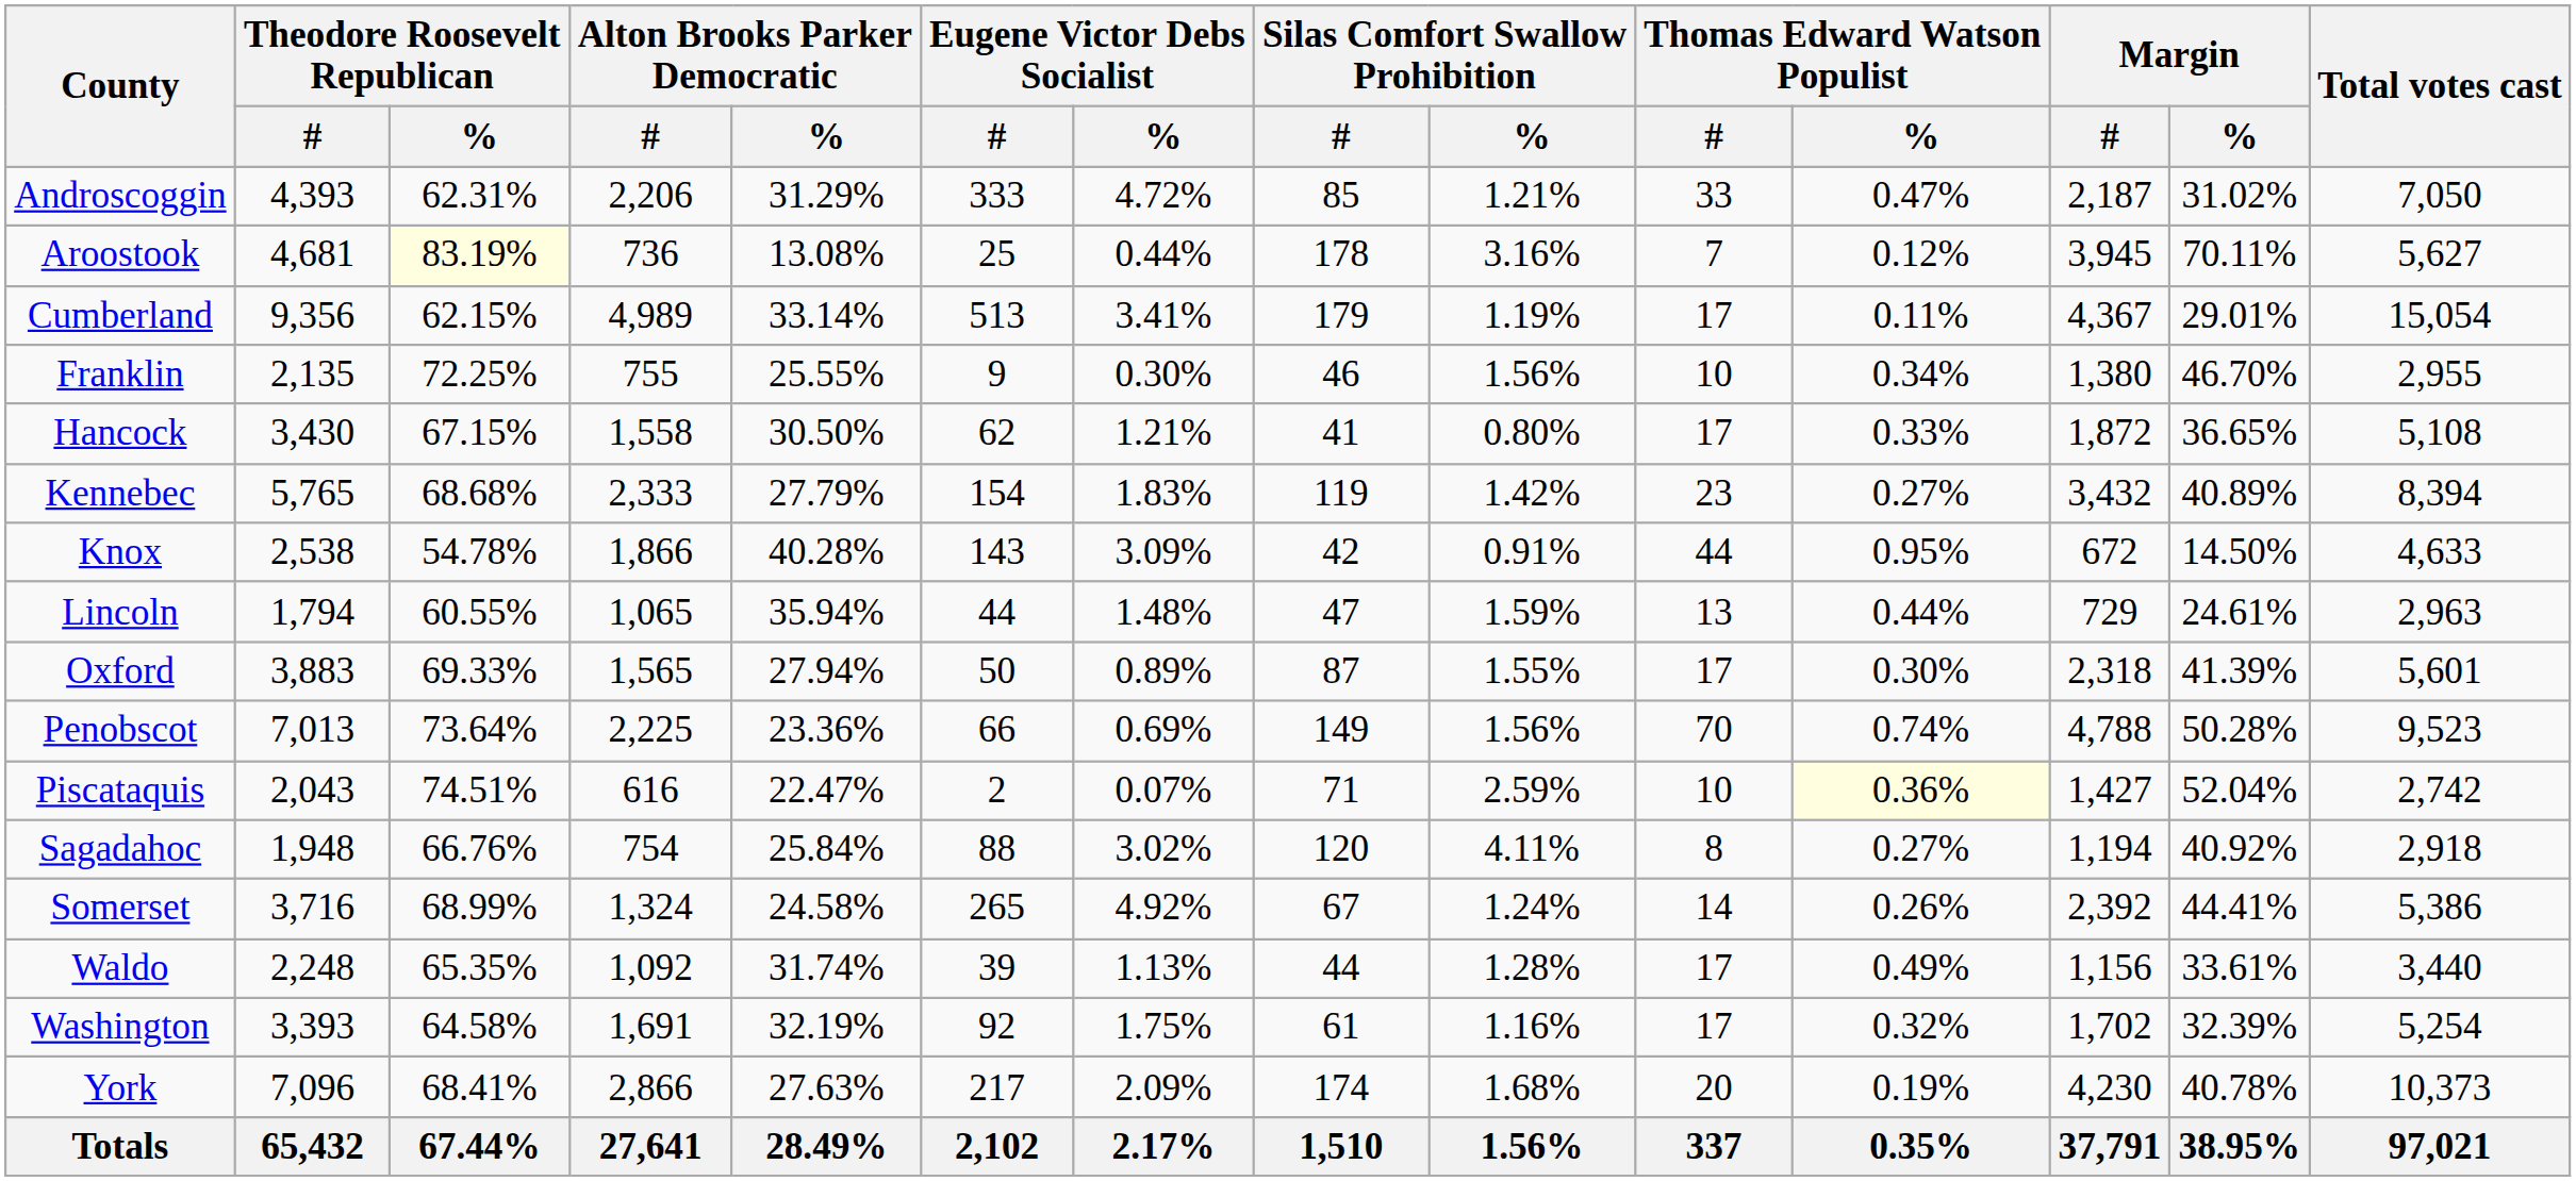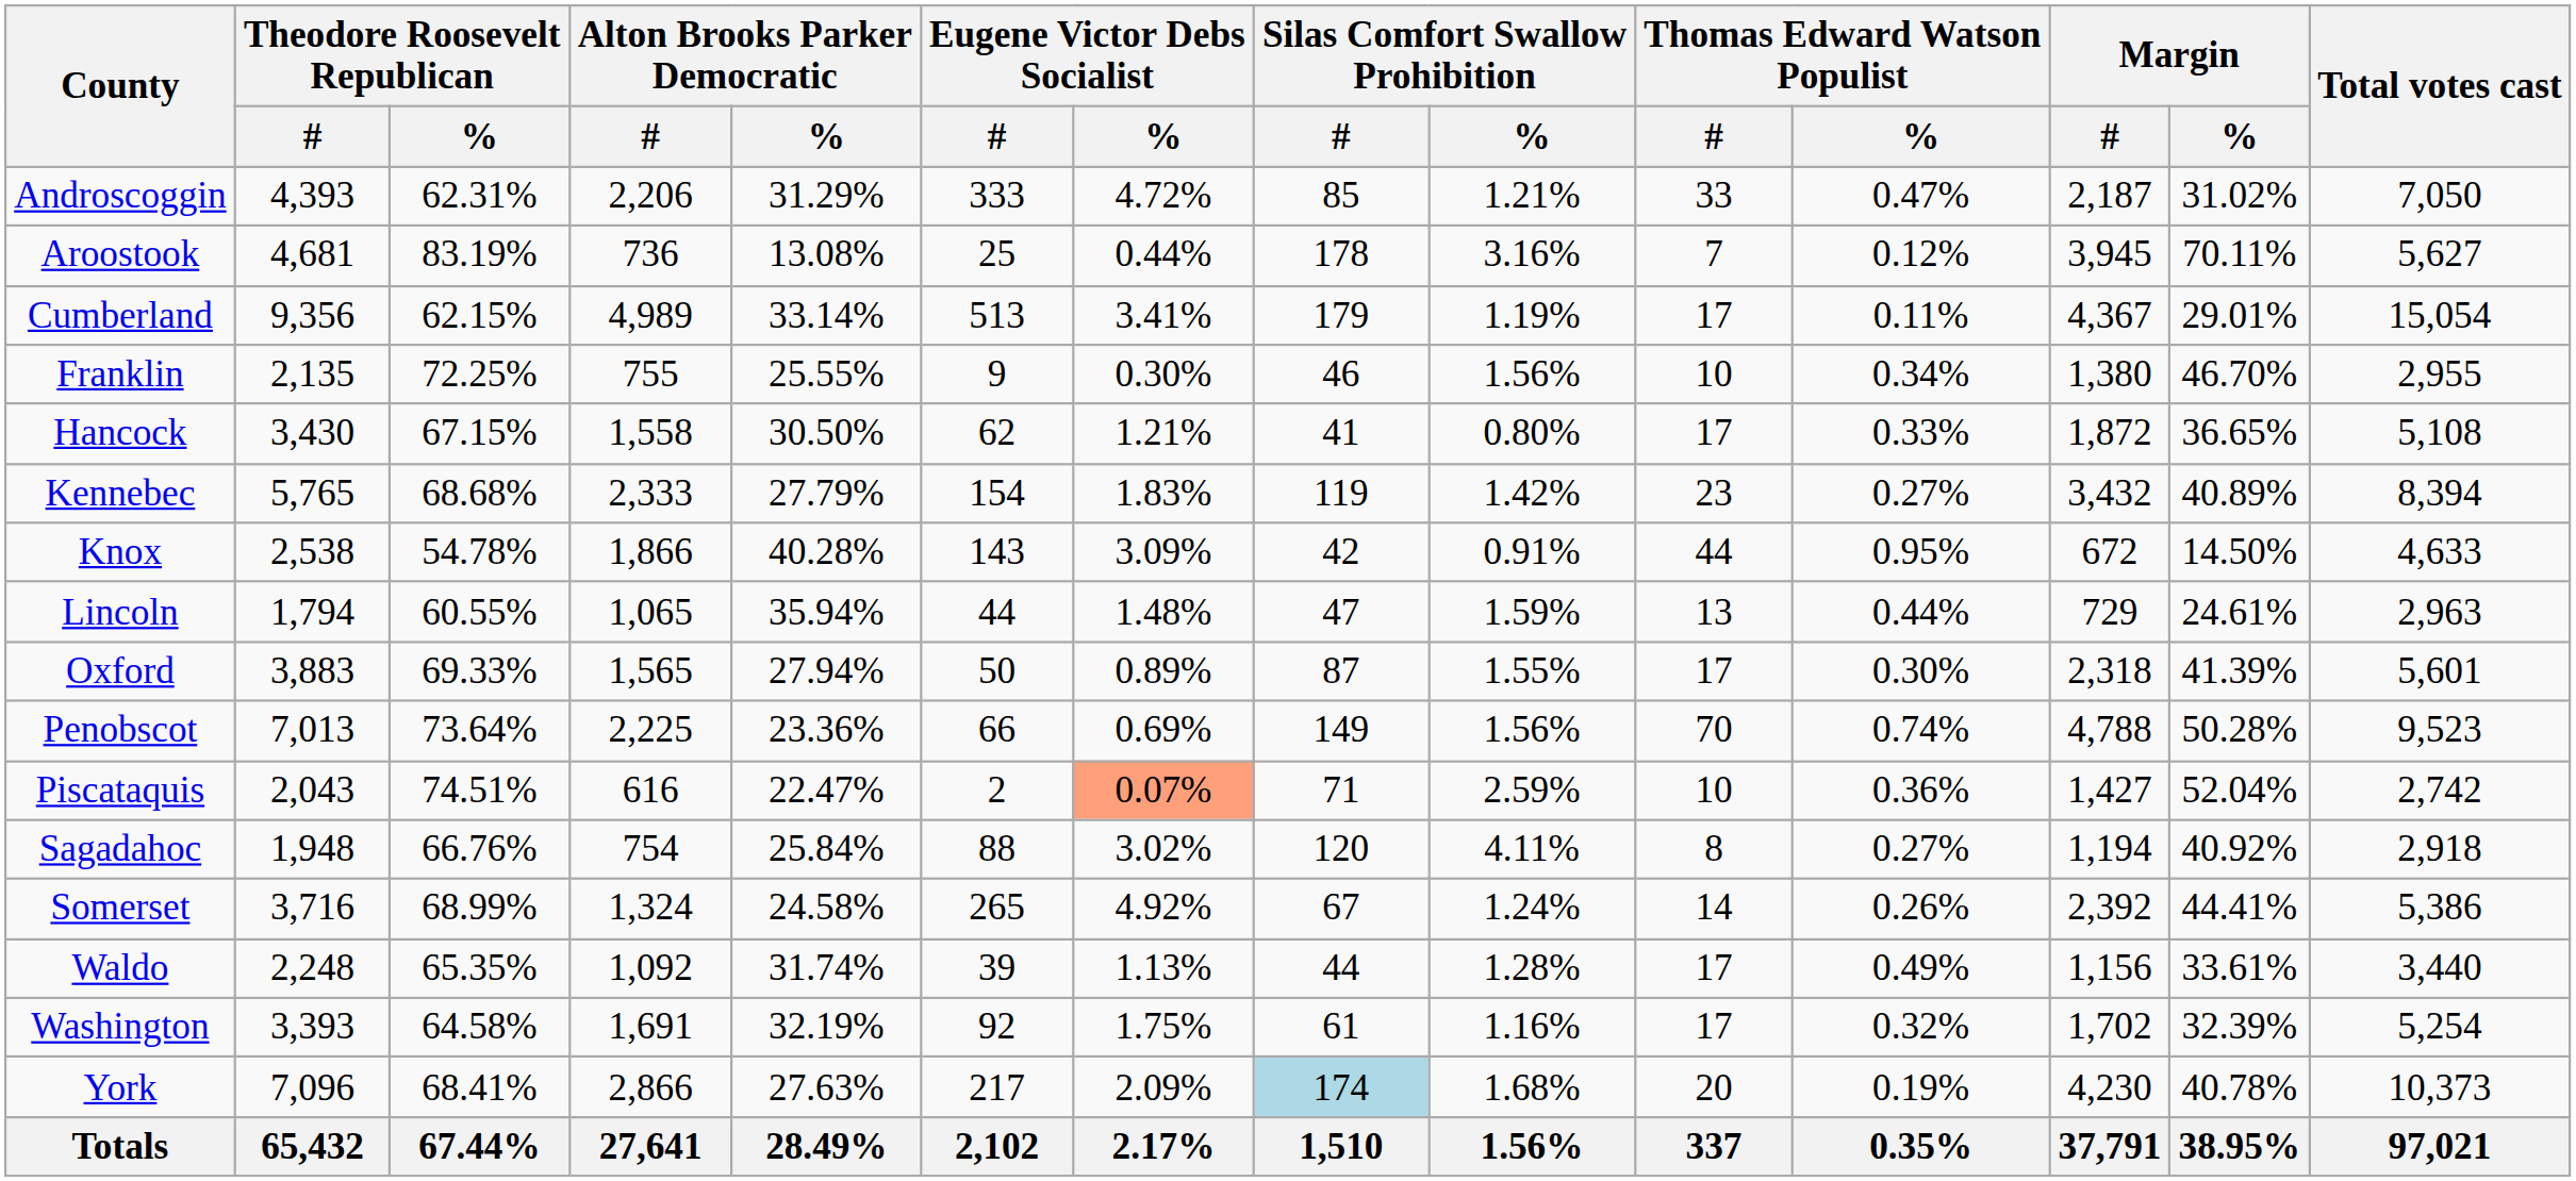 <table class="wikitable sortable">
 <tr>
 <th rowspan="2">County</th>
 <th colspan="2">Theodore Roosevelt<br>Republican</th>
 <th colspan="2">Alton Brooks Parker<br>Democratic</th>
 <th colspan="2">Eugene Victor Debs<br>Socialist</th>
 <th colspan="2">Silas Comfort Swallow<br>Prohibition</th>
 <th colspan="2">Thomas Edward Watson<br>Populist</th>
 <th colspan="2">Margin</th>
 <th rowspan="2">Total votes cast</th>
 </tr>
 <tr bgcolor="lightgrey">
 <th data-sort-type="number">#</th>
 <th data-sort-type="number">%</th>
 <th data-sort-type="number">#</th>
 <th data-sort-type="number">%</th>
 <th data-sort-type="number">#</th>
 <th data-sort-type="number">%</th>
 <th data-sort-type="number">#</th>
 <th data-sort-type="number">%</th>
 <th data-sort-type="number">#</th>
 <th data-sort-type="number">%</th>
 <th data-sort-type="number">#</th>
 <th data-sort-type="number">%</th>
 </tr>
 <tr style="text-align:center;">
 <td><a href='#'>Androscoggin</a></td>
 <td>4,393</td>
 <td>62.31%</td>
 <td>2,206</td>
 <td>31.29%</td>
 <td>333</td>
 <td>4.72%</td>
 <td>85</td>
 <td>1.21%</td>
 <td>33</td>
 <td>0.47%</td>
 <td>2,187</td>
 <td>31.02%</td>
 <td>7,050</td>
 </tr>
 <tr style="text-align:center;">
 <td><a href='#'>Aroostook</a></td>
 <td>4,681</td>
-<td style="background: lightyellow;">83.19%</td>
+<td>83.19%</td>
 <td>736</td>
 <td>13.08%</td>
 <td>25</td>
 <td>0.44%</td>
 <td>178</td>
 <td>3.16%</td>
 <td>7</td>
 <td>0.12%</td>
 <td>3,945</td>
 <td>70.11%</td>
 <td>5,627</td>
 </tr>
 <tr style="text-align:center;">
 <td><a href='#'>Cumberland</a></td>
 <td>9,356</td>
 <td>62.15%</td>
 <td>4,989</td>
 <td>33.14%</td>
 <td>513</td>
 <td>3.41%</td>
 <td>179</td>
 <td>1.19%</td>
 <td>17</td>
 <td>0.11%</td>
 <td>4,367</td>
 <td>29.01%</td>
 <td>15,054</td>
 </tr>
 <tr style="text-align:center;">
 <td><a href='#'>Franklin</a></td>
 <td>2,135</td>
 <td>72.25%</td>
 <td>755</td>
 <td>25.55%</td>
 <td>9</td>
 <td>0.30%</td>
 <td>46</td>
 <td>1.56%</td>
 <td>10</td>
 <td>0.34%</td>
 <td>1,380</td>
 <td>46.70%</td>
 <td>2,955</td>
 </tr>
 <tr style="text-align:center;">
 <td><a href='#'>Hancock</a></td>
 <td>3,430</td>
 <td>67.15%</td>
 <td>1,558</td>
 <td>30.50%</td>
 <td>62</td>
 <td>1.21%</td>
 <td>41</td>
 <td>0.80%</td>
 <td>17</td>
 <td>0.33%</td>
 <td>1,872</td>
 <td>36.65%</td>
 <td>5,108</td>
 </tr>
 <tr style="text-align:center;">
 <td><a href='#'>Kennebec</a></td>
 <td>5,765</td>
 <td>68.68%</td>
 <td>2,333</td>
 <td>27.79%</td>
 <td>154</td>
 <td>1.83%</td>
 <td>119</td>
 <td>1.42%</td>
 <td>23</td>
 <td>0.27%</td>
 <td>3,432</td>
 <td>40.89%</td>
 <td>8,394</td>
 </tr>
 <tr style="text-align:center;">
 <td><a href='#'>Knox</a></td>
 <td>2,538</td>
 <td>54.78%</td>
 <td>1,866</td>
 <td>40.28%</td>
 <td>143</td>
 <td>3.09%</td>
 <td>42</td>
 <td>0.91%</td>
 <td>44</td>
 <td>0.95%</td>
 <td>672</td>
 <td>14.50%</td>
 <td>4,633</td>
 </tr>
 <tr style="text-align:center;">
 <td><a href='#'>Lincoln</a></td>
 <td>1,794</td>
 <td>60.55%</td>
 <td>1,065</td>
 <td>35.94%</td>
 <td>44</td>
 <td>1.48%</td>
 <td>47</td>
 <td>1.59%</td>
 <td>13</td>
 <td>0.44%</td>
 <td>729</td>
 <td>24.61%</td>
 <td>2,963</td>
 </tr>
 <tr style="text-align:center;">
 <td><a href='#'>Oxford</a></td>
 <td>3,883</td>
 <td>69.33%</td>
 <td>1,565</td>
 <td>27.94%</td>
 <td>50</td>
 <td>0.89%</td>
 <td>87</td>
 <td>1.55%</td>
 <td>17</td>
 <td>0.30%</td>
 <td>2,318</td>
 <td>41.39%</td>
 <td>5,601</td>
 </tr>
 <tr style="text-align:center;">
 <td><a href='#'>Penobscot</a></td>
 <td>7,013</td>
 <td>73.64%</td>
 <td>2,225</td>
 <td>23.36%</td>
 <td>66</td>
 <td>0.69%</td>
 <td>149</td>
 <td>1.56%</td>
 <td>70</td>
 <td>0.74%</td>
 <td>4,788</td>
 <td>50.28%</td>
 <td>9,523</td>
 </tr>
 <tr style="text-align:center;">
 <td><a href='#'>Piscataquis</a></td>
 <td>2,043</td>
 <td>74.51%</td>
 <td>616</td>
 <td>22.47%</td>
 <td>2</td>
-<td>0.07%</td>
+<td style="background: lightsalmon;">0.07%</td>
 <td>71</td>
 <td>2.59%</td>
 <td>10</td>
-<td style="background: lightyellow;">0.36%</td>
+<td>0.36%</td>
 <td>1,427</td>
 <td>52.04%</td>
 <td>2,742</td>
 </tr>
 <tr style="text-align:center;">
 <td><a href='#'>Sagadahoc</a></td>
 <td>1,948</td>
 <td>66.76%</td>
 <td>754</td>
 <td>25.84%</td>
 <td>88</td>
 <td>3.02%</td>
 <td>120</td>
 <td>4.11%</td>
 <td>8</td>
 <td>0.27%</td>
 <td>1,194</td>
 <td>40.92%</td>
 <td>2,918</td>
 </tr>
 <tr style="text-align:center;">
 <td><a href='#'>Somerset</a></td>
 <td>3,716</td>
 <td>68.99%</td>
 <td>1,324</td>
 <td>24.58%</td>
 <td>265</td>
 <td>4.92%</td>
 <td>67</td>
 <td>1.24%</td>
 <td>14</td>
 <td>0.26%</td>
 <td>2,392</td>
 <td>44.41%</td>
 <td>5,386</td>
 </tr>
 <tr style="text-align:center;">
 <td><a href='#'>Waldo</a></td>
 <td>2,248</td>
 <td>65.35%</td>
 <td>1,092</td>
 <td>31.74%</td>
 <td>39</td>
 <td>1.13%</td>
 <td>44</td>
 <td>1.28%</td>
 <td>17</td>
 <td>0.49%</td>
 <td>1,156</td>
 <td>33.61%</td>
 <td>3,440</td>
 </tr>
 <tr style="text-align:center;">
 <td><a href='#'>Washington</a></td>
 <td>3,393</td>
 <td>64.58%</td>
 <td>1,691</td>
 <td>32.19%</td>
 <td>92</td>
 <td>1.75%</td>
 <td>61</td>
 <td>1.16%</td>
 <td>17</td>
 <td>0.32%</td>
 <td>1,702</td>
 <td>32.39%</td>
 <td>5,254</td>
 </tr>
 <tr style="text-align:center;">
 <td><a href='#'>York</a></td>
 <td>7,096</td>
 <td>68.41%</td>
 <td>2,866</td>
 <td>27.63%</td>
 <td>217</td>
 <td>2.09%</td>
-<td>174</td>
+<td style="background: lightblue;">174</td>
 <td>1.68%</td>
 <td>20</td>
 <td>0.19%</td>
 <td>4,230</td>
 <td>40.78%</td>
 <td>10,373</td>
 </tr>
 <tr>
 <th>Totals</th>
 <th>65,432</th>
 <th>67.44%</th>
 <th>27,641</th>
 <th>28.49%</th>
 <th>2,102</th>
 <th>2.17%</th>
 <th>1,510</th>
 <th>1.56%</th>
 <th>337</th>
 <th>0.35%</th>
 <th>37,791</th>
 <th>38.95%</th>
 <th>97,021</th>
 </tr>
 </table>
